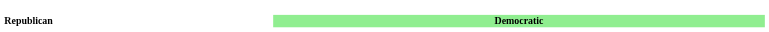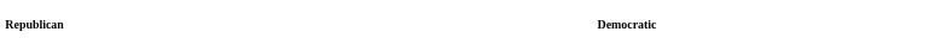 <table style="width:100%; text-align:center">
 <tr style="color:white">
 <td style="background:"><strong>222</strong></td>
 <td style="background:"><strong>213</strong></td>
 </tr>
 <tr>
 <td style="color:"><strong>Republican</strong></td>
-<td style="background: lightgreen; color:"><strong>Democratic</strong></td>
+<td style="color:"><strong>Democratic</strong></td>
 </tr>
 </table>
